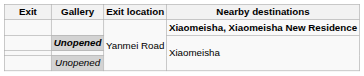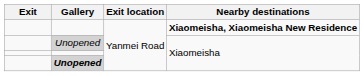 <table class="wikitable">
 <tr>
 <th style="width:70px">Exit</th>
 <th>Gallery</th>
 <th>Exit location</th>
 <th>Nearby destinations</th>
 </tr>
 <tr>
 <td align="center"></td>
 <td></td>
 <td align=center rowspan=4>Yanmei Road</td>
 <td><strong>Xiaomeisha, Xiaomeisha New Residence</strong></td>
 </tr>
 <tr>
 <td align="center"></td>
-<td align=center bgcolor=lightgrey><strong><em>Unopened</em></strong></td>
+<td align=center bgcolor=lightgrey><em>Unopened</em></td>
 <td rowspan=3>Xiaomeisha</td>
 </tr>
 <tr>
 <td align="center"></td>
 <td></td>
 </tr>
 <tr>
 <td align="center"></td>
-<td align=center bgcolor=lightgrey><em>Unopened</em></td>
+<td align=center bgcolor=lightgrey><strong><em>Unopened</em></strong></td>
 </tr>
 </table>
